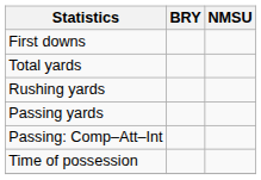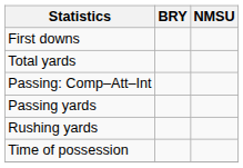 <table class="wikitable" style="float: left;">
 <tr>
 <th>Statistics</th>
 <th>BRY</th>
 <th>NMSU</th>
 </tr>
 <tr>
 <td>First downs</td>
 <td></td>
 <td></td>
 </tr>
 <tr>
 <td>Total yards</td>
 <td></td>
 <td></td>
 </tr>
 <tr>
-<td>Rushing yards</td>
+<td>Passing: Comp–Att–Int</td>
 <td></td>
 <td></td>
 </tr>
 <tr>
 <td>Passing yards</td>
 <td></td>
 <td></td>
 </tr>
 <tr>
-<td>Passing: Comp–Att–Int</td>
+<td>Rushing yards</td>
 <td></td>
 <td></td>
 </tr>
 <tr>
 <td>Time of possession</td>
 <td></td>
 <td></td>
 </tr>
 <tr>
 </tr>
 </table>
